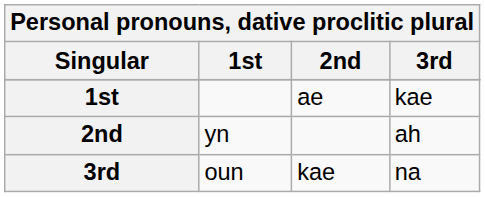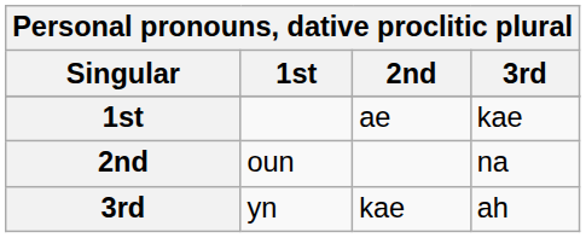 <table class="wikitable">
 <tr>
 <th colspan="4">Personal pronouns, dative proclitic plural</th>
 </tr>
 <tr>
 <th>Singular</th>
 <th>1st</th>
 <th>2nd</th>
 <th>3rd</th>
 </tr>
 <tr>
 </tr>
 <tr>
 <th>1st</th>
 <td></td>
 <td>ae</td>
 <td>kae</td>
 </tr>
 <tr>
 <th>2nd</th>
-<td>yn</td>
+<td>oun</td>
 <td></td>
-<td>ah</td>
+<td>na</td>
 </tr>
 <tr>
 <th>3rd</th>
-<td>oun</td>
+<td>yn</td>
 <td>kae</td>
-<td>na</td>
+<td>ah</td>
 </tr>
 </table>
